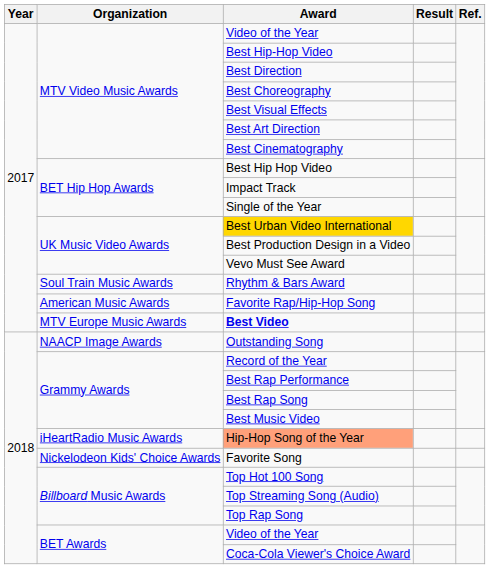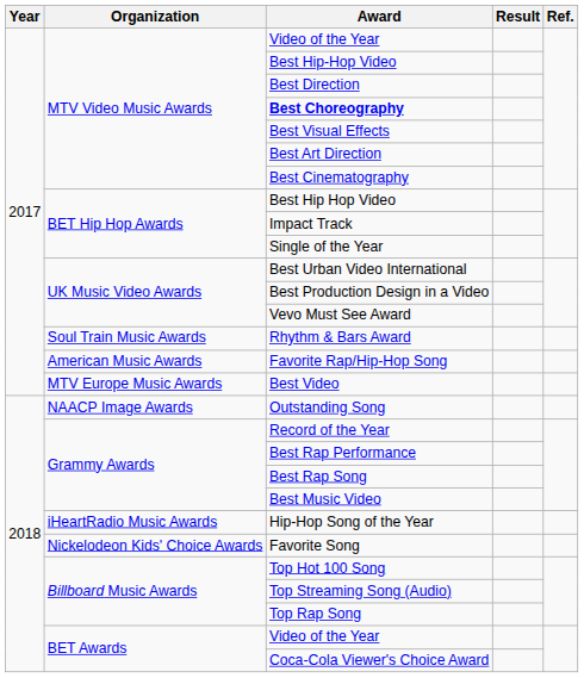 <table class="wikitable">
 <tr>
 <th>Year</th>
 <th>Organization</th>
 <th>Award</th>
 <th>Result</th>
 <th>Ref.</th>
 </tr>
 <tr>
 <td rowspan= 16>2017</td>
 <td rowspan= 7><a href='#'>MTV Video Music Awards</a></td>
 <td><a href='#'>Video of the Year</a></td>
 <td></td>
 <td rowspan= 7></td>
 </tr>
 <tr>
 <td><a href='#'>Best Hip-Hop Video</a></td>
 <td></td>
 </tr>
 <tr>
 <td><a href='#'>Best Direction</a></td>
 <td></td>
 </tr>
 <tr>
-<td><a href='#'>Best Choreography</a></td>
+<td><strong><a href='#'>Best Choreography</a></strong></td>
 <td></td>
 </tr>
 <tr>
 <td><a href='#'>Best Visual Effects</a></td>
 <td></td>
 </tr>
 <tr>
 <td><a href='#'>Best Art Direction</a></td>
 <td></td>
 </tr>
 <tr>
 <td><a href='#'>Best Cinematography</a></td>
 <td></td>
 </tr>
 <tr>
 <td rowspan= 3><a href='#'>BET Hip Hop Awards</a></td>
 <td>Best Hip Hop Video</td>
 <td></td>
 <td rowspan= 3></td>
 </tr>
 <tr>
 <td>Impact Track</td>
 <td></td>
 </tr>
 <tr>
 <td>Single of the Year</td>
 <td></td>
 </tr>
 <tr>
 <td rowspan= 3><a href='#'>UK Music Video Awards</a></td>
-<td style="background: gold;">Best Urban Video International</td>
+<td>Best Urban Video International</td>
 <td></td>
 <td rowspan= 3></td>
 </tr>
 <tr>
 <td>Best Production Design in a Video</td>
 <td></td>
 </tr>
 <tr>
 <td>Vevo Must See Award</td>
 <td></td>
 </tr>
 <tr>
 <td><a href='#'>Soul Train Music Awards</a></td>
 <td><a href='#'>Rhythm & Bars Award</a></td>
 <td></td>
 <td style="text-align:center;"></td>
 </tr>
 <tr>
 <td><a href='#'>American Music Awards</a></td>
 <td><a href='#'>Favorite Rap/Hip-Hop Song</a></td>
 <td></td>
 <td style="text-align:center;"></td>
 </tr>
 <tr>
 <td><a href='#'>MTV Europe Music Awards</a></td>
-<td><strong><a href='#'>Best Video</a></strong></td>
+<td><a href='#'>Best Video</a></td>
 <td></td>
 <td style="text-align:center;"></td>
 </tr>
 <tr>
 <td rowspan= 12>2018</td>
 <td><a href='#'>NAACP Image Awards</a></td>
 <td><a href='#'>Outstanding Song</a></td>
 <td></td>
 <td style="text-align:center;"></td>
 </tr>
 <tr>
 <td rowspan= 4><a href='#'>Grammy Awards</a></td>
 <td><a href='#'>Record of the Year</a></td>
 <td></td>
 <td style="text-align:center;" rowspan= 4></td>
 </tr>
 <tr>
 <td><a href='#'>Best Rap Performance</a></td>
 <td></td>
 </tr>
 <tr>
 <td><a href='#'>Best Rap Song</a></td>
 <td></td>
 </tr>
 <tr>
 <td><a href='#'>Best Music Video</a></td>
 <td></td>
 </tr>
 <tr>
 <td><a href='#'>iHeartRadio Music Awards</a></td>
-<td style="background: lightsalmon;">Hip-Hop Song of the Year</td>
+<td>Hip-Hop Song of the Year</td>
 <td></td>
 <td></td>
 </tr>
 <tr>
 <td><a href='#'>Nickelodeon Kids' Choice Awards</a></td>
 <td>Favorite Song</td>
 <td></td>
 <td></td>
 </tr>
 <tr>
 <td rowspan= 3><a href='#'><em>Billboard</em> Music Awards</a></td>
 <td><a href='#'>Top Hot 100 Song</a></td>
 <td></td>
 <td rowspan= 3></td>
 </tr>
 <tr>
 <td><a href='#'>Top Streaming Song (Audio)</a></td>
 <td></td>
 </tr>
 <tr>
 <td><a href='#'>Top Rap Song</a></td>
 <td></td>
 </tr>
 <tr>
 <td rowspan= 2><a href='#'>BET Awards</a></td>
 <td><a href='#'>Video of the Year</a></td>
 <td></td>
 <td rowspan= 2></td>
 </tr>
 <tr>
 <td><a href='#'>Coca-Cola Viewer's Choice Award</a></td>
 <td></td>
 </tr>
 </table>
